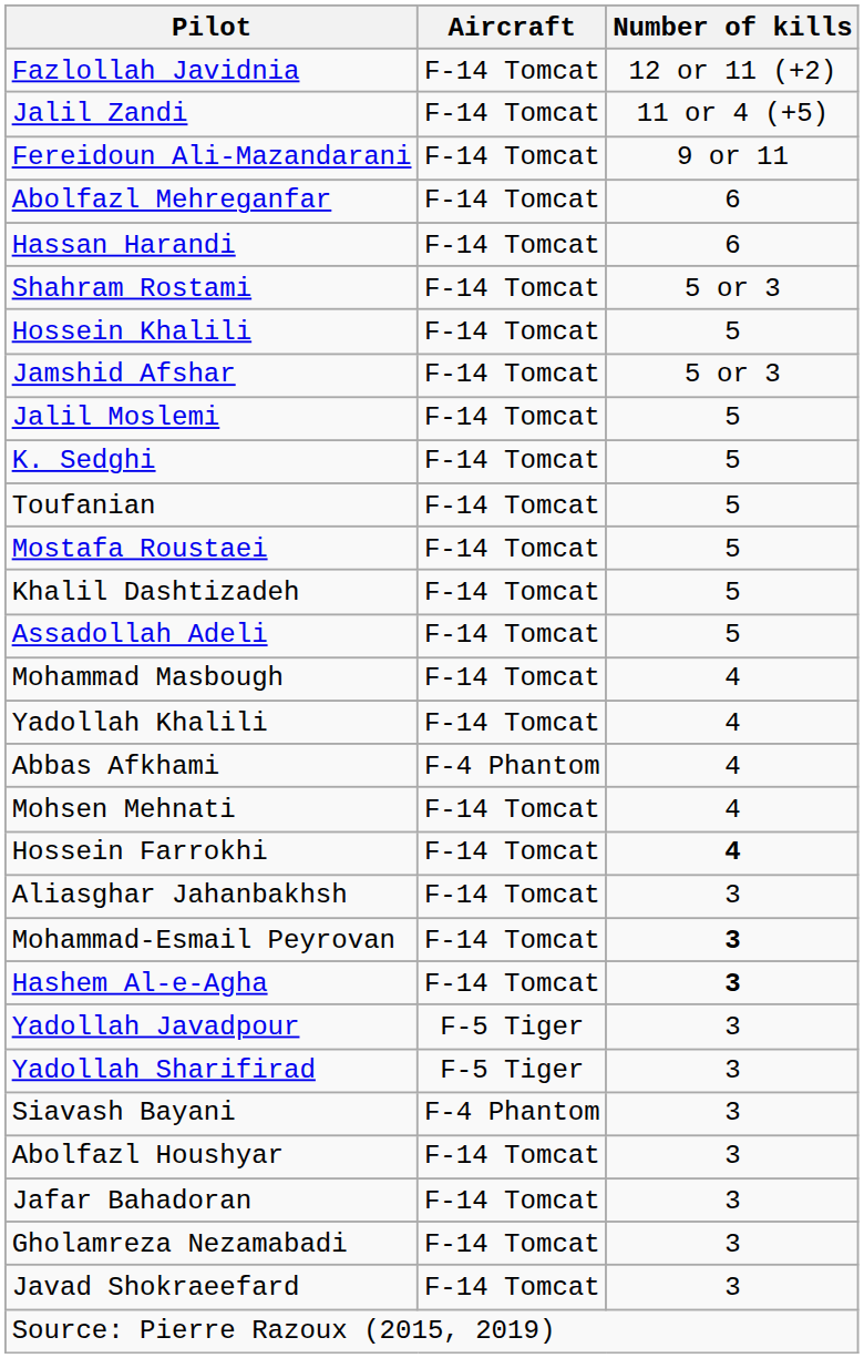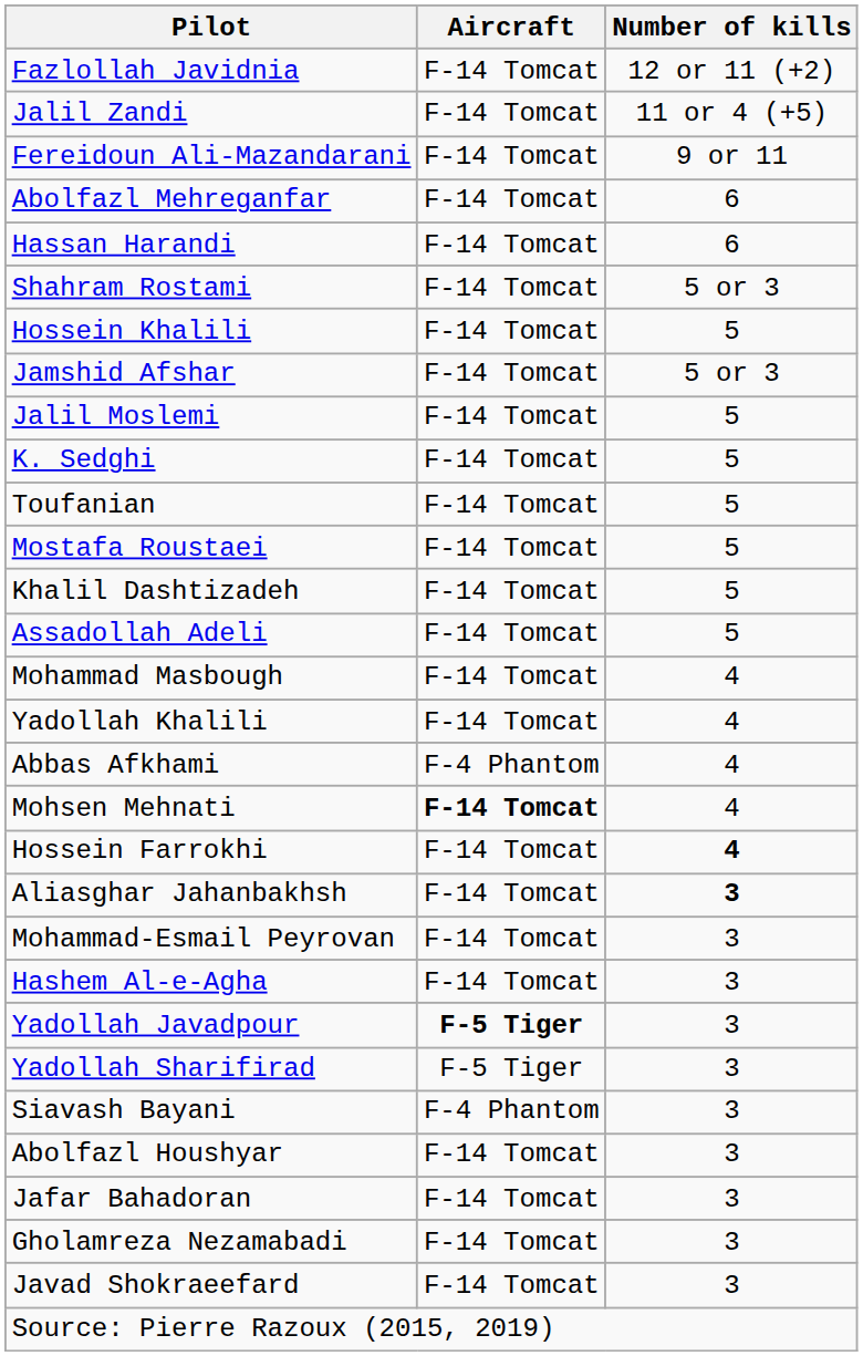 <table class=wikitable style=text-align:center>
 <tr>
 <th>Pilot</th>
 <th>Aircraft</th>
 <th>Number of kills</th>
 </tr>
 <tr>
 <td align=left><a href='#'>Fazlollah Javidnia</a></td>
 <td>F-14 Tomcat</td>
 <td>12 or 11 (+2)</td>
 </tr>
 <tr>
 <td align=left><a href='#'>Jalil Zandi</a></td>
 <td>F-14 Tomcat</td>
 <td>11 or 4 (+5)</td>
 </tr>
 <tr>
 <td align=left><a href='#'>Fereidoun Ali-Mazandarani</a></td>
 <td>F-14 Tomcat</td>
 <td>9 or 11</td>
 </tr>
 <tr>
 <td align=left><a href='#'>Abolfazl Mehreganfar</a></td>
 <td>F-14 Tomcat</td>
 <td>6</td>
 </tr>
 <tr>
 <td align=left><a href='#'>Hassan Harandi</a></td>
 <td>F-14 Tomcat</td>
 <td>6</td>
 </tr>
 <tr>
 <td align=left><a href='#'>Shahram Rostami</a></td>
 <td>F-14 Tomcat</td>
 <td>5 or 3</td>
 </tr>
 <tr>
 <td align=left><a href='#'>Hossein Khalili</a></td>
 <td>F-14 Tomcat</td>
 <td>5</td>
 </tr>
 <tr>
 <td align=left><a href='#'>Jamshid Afshar</a></td>
 <td>F-14 Tomcat</td>
 <td>5 or 3</td>
 </tr>
 <tr>
 <td align=left><a href='#'>Jalil Moslemi</a></td>
 <td>F-14 Tomcat</td>
 <td>5</td>
 </tr>
 <tr>
 <td align=left><a href='#'>K. Sedghi</a></td>
 <td>F-14 Tomcat</td>
 <td>5</td>
 </tr>
 <tr>
 <td align=left>Toufanian</td>
 <td>F-14 Tomcat</td>
 <td>5</td>
 </tr>
 <tr>
 <td align=left><a href='#'>Mostafa Roustaei</a></td>
 <td>F-14 Tomcat</td>
 <td>5</td>
 </tr>
 <tr>
 <td align=left>Khalil Dashtizadeh</td>
 <td>F-14 Tomcat</td>
 <td>5</td>
 </tr>
 <tr>
 <td align=left><a href='#'>Assadollah Adeli</a></td>
 <td>F-14 Tomcat</td>
 <td>5</td>
 </tr>
 <tr>
 <td align=left>Mohammad Masbough</td>
 <td>F-14 Tomcat</td>
 <td>4</td>
 </tr>
 <tr>
 <td align=left>Yadollah Khalili</td>
 <td>F-14 Tomcat</td>
 <td>4</td>
 </tr>
 <tr>
 <td align=left>Abbas Afkhami</td>
 <td>F-4 Phantom</td>
 <td>4</td>
 </tr>
 <tr>
 <td align=left>Mohsen Mehnati</td>
-<td>F-14 Tomcat</td>
+<td><strong>F-14 Tomcat</strong></td>
 <td>4</td>
 </tr>
 <tr>
 <td align=left>Hossein Farrokhi</td>
 <td>F-14 Tomcat</td>
 <td><strong>4</strong></td>
 </tr>
 <tr>
 <td align=left>Aliasghar Jahanbakhsh</td>
 <td>F-14 Tomcat</td>
-<td>3</td>
+<td><strong>3</strong></td>
 </tr>
 <tr>
 <td align=left>Mohammad-Esmail Peyrovan</td>
 <td>F-14 Tomcat</td>
-<td><strong>3</strong></td>
+<td>3</td>
 </tr>
 <tr>
 <td align=left><a href='#'>Hashem Al-e-Agha</a></td>
 <td>F-14 Tomcat</td>
-<td><strong>3</strong></td>
+<td>3</td>
 </tr>
 <tr>
 <td align=left><a href='#'>Yadollah Javadpour</a></td>
-<td>F-5 Tiger</td>
+<td><strong>F-5 Tiger</strong></td>
 <td>3</td>
 </tr>
 <tr>
 <td align=left><a href='#'>Yadollah Sharifirad</a></td>
 <td>F-5 Tiger</td>
 <td>3</td>
 </tr>
 <tr>
 <td align=left>Siavash Bayani</td>
 <td>F-4 Phantom</td>
 <td>3</td>
 </tr>
 <tr>
 <td align=left>Abolfazl Houshyar</td>
 <td>F-14 Tomcat</td>
 <td>3</td>
 </tr>
 <tr>
 <td align=left>Jafar Bahadoran</td>
 <td>F-14 Tomcat</td>
 <td>3</td>
 </tr>
 <tr>
 <td align=left>Gholamreza Nezamabadi</td>
 <td>F-14 Tomcat</td>
 <td>3</td>
 </tr>
 <tr>
 <td align=left>Javad Shokraeefard</td>
 <td>F-14 Tomcat</td>
 <td>3</td>
 </tr>
 <tr>
 <td colspan=4 align=left>Source: Pierre Razoux (2015, 2019)</td>
 </tr>
 </table>
